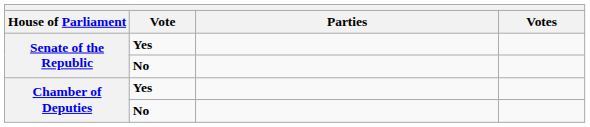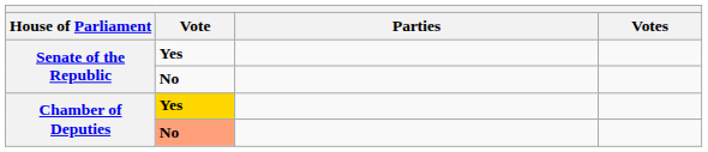 <table class="wikitable" style="font-size:85%;">
 <tr>
 <th colspan="4"></th>
 </tr>
 <tr>
 <th width="120px">House of <a href='#'>Parliament</a></th>
 <th width="60px">Vote</th>
 <th width="300px">Parties</th>
 <th width="80px" align="center">Votes</th>
 </tr>
 <tr>
 <th rowspan="2"><a href='#'>Senate of the Republic</a></th>
 <td> <strong>Yes</strong></td>
 <td></td>
 <td></td>
 </tr>
 <tr>
 <td> <strong>No</strong></td>
 <td></td>
 <td></td>
 </tr>
 <tr>
 <th rowspan="2"><a href='#'>Chamber of Deputies</a></th>
-<td> <strong>Yes</strong></td>
+<td style="background: gold;"> <strong>Yes</strong></td>
 <td></td>
 <td></td>
 </tr>
 <tr>
-<td> <strong>No</strong></td>
+<td style="background: lightsalmon;"> <strong>No</strong></td>
 <td></td>
 <td></td>
 </tr>
 </table>
